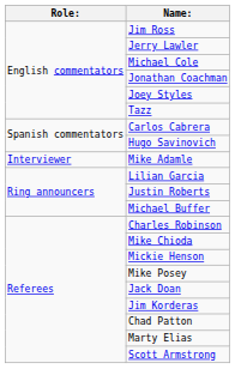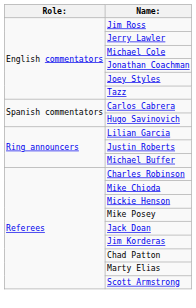 <table class="wikitable" style="float:right; border:1px; font-size:90%; margin-left:1em;">
 <tr>
 <th>Role:</th>
 <th>Name:</th>
 </tr>
 <tr>
 <td rowspan="6">English <a href='#'>commentators</a></td>
 <td><a href='#'>Jim Ross</a> </td>
 </tr>
 <tr>
 <td><a href='#'>Jerry Lawler</a> </td>
 </tr>
 <tr>
 <td><a href='#'>Michael Cole</a> </td>
 </tr>
 <tr>
 <td><a href='#'>Jonathan Coachman</a> </td>
 </tr>
 <tr>
 <td><a href='#'>Joey Styles</a> </td>
 </tr>
 <tr>
 <td><a href='#'>Tazz</a> </td>
 </tr>
 <tr>
 <td rowspan="2">Spanish commentators</td>
 <td><a href='#'>Carlos Cabrera</a></td>
 </tr>
 <tr>
 <td><a href='#'>Hugo Savinovich</a></td>
-</tr>
-<tr>
-<td><a href='#'>Interviewer</a></td>
-<td><a href='#'>Mike Adamle</a></td>
 </tr>
 <tr>
 <td rowspan="3"><a href='#'>Ring announcers</a></td>
 <td><a href='#'>Lilian Garcia</a> </td>
 </tr>
 <tr>
 <td><a href='#'>Justin Roberts</a> </td>
 </tr>
 <tr>
 <td><a href='#'>Michael Buffer</a> </td>
 </tr>
 <tr>
 <td rowspan="9"><a href='#'>Referees</a></td>
 <td><a href='#'>Charles Robinson</a></td>
 </tr>
 <tr>
 <td><a href='#'>Mike Chioda</a></td>
 </tr>
 <tr>
 <td><a href='#'>Mickie Henson</a></td>
 </tr>
 <tr>
 <td>Mike Posey</td>
 </tr>
 <tr>
 <td><a href='#'>Jack Doan</a></td>
 </tr>
 <tr>
 <td><a href='#'>Jim Korderas</a></td>
 </tr>
 <tr>
 <td>Chad Patton</td>
 </tr>
 <tr>
 <td>Marty Elias</td>
 </tr>
 <tr>
 <td><a href='#'>Scott Armstrong</a></td>
 </tr>
 </table>
